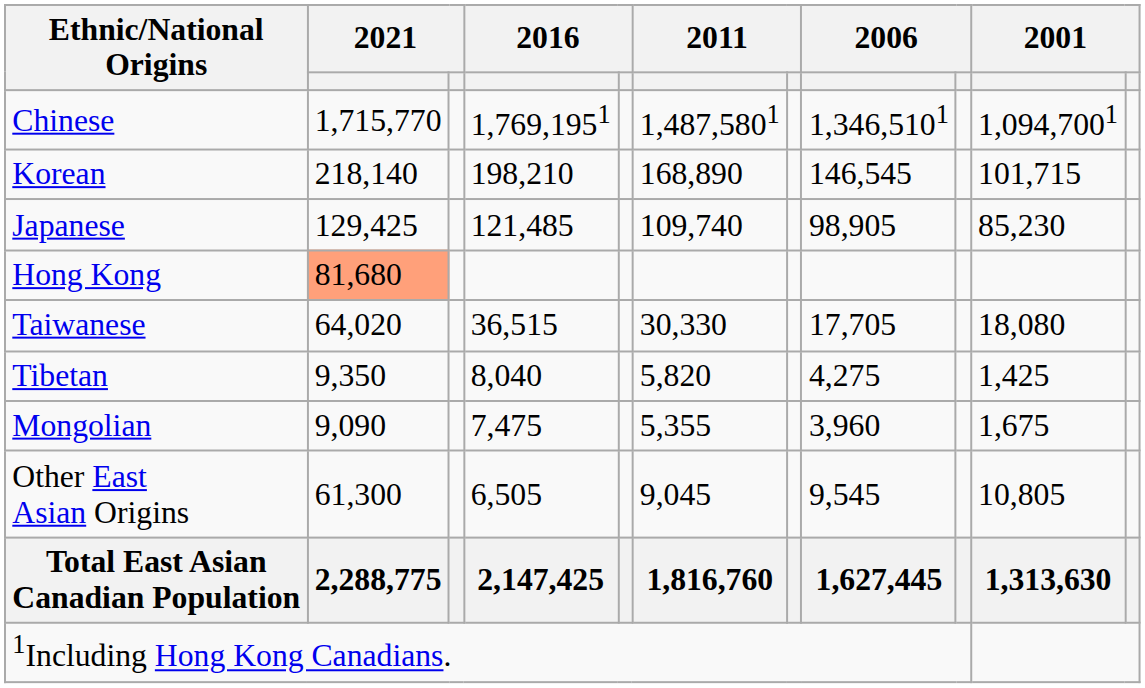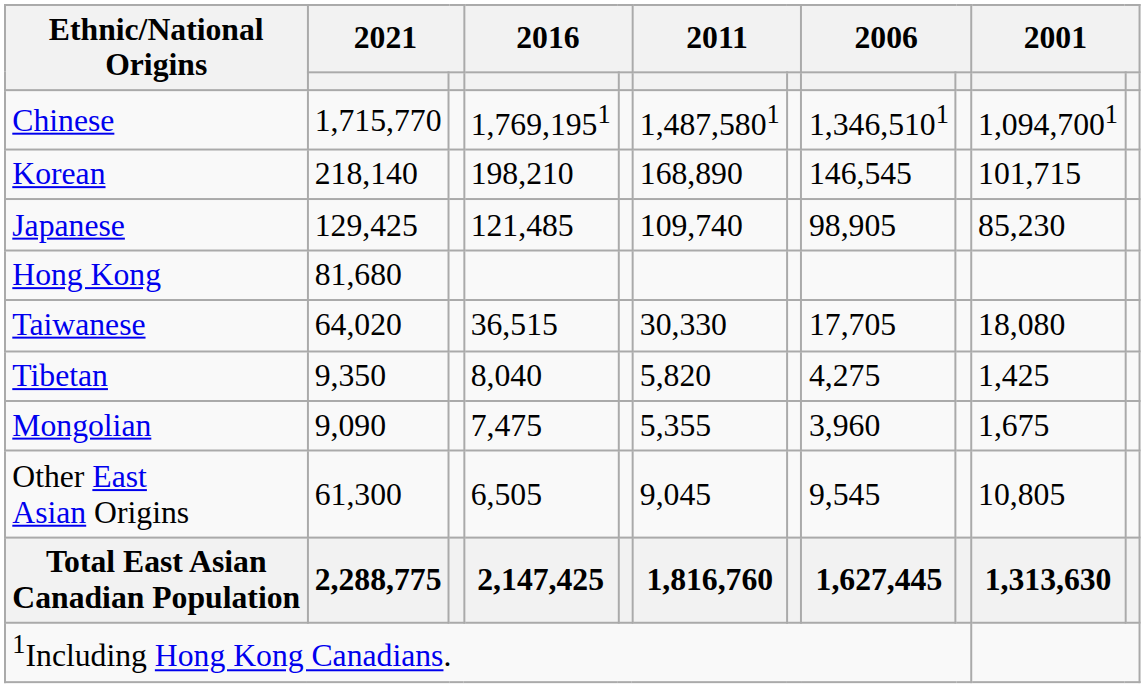 <table class="wikitable sortable">
 <tr>
 <th rowspan="2">Ethnic/National<br>Origins</th>
 <th colspan="2">2021</th>
 <th colspan="2">2016</th>
 <th colspan="2">2011</th>
 <th colspan="2">2006</th>
 <th colspan="2">2001</th>
 </tr>
 <tr>
 <th><a href='#'></a></th>
 <th></th>
 <th></th>
 <th></th>
 <th></th>
 <th></th>
 <th></th>
 <th></th>
 <th></th>
 <th></th>
 </tr>
 <tr>
 <td><a href='#'>Chinese</a></td>
 <td>1,715,770</td>
 <td></td>
 <td>1,769,195<sup>1</sup></td>
 <td></td>
 <td>1,487,580<sup>1</sup></td>
 <td></td>
 <td>1,346,510<sup>1</sup></td>
 <td></td>
 <td>1,094,700<sup>1</sup></td>
 <td></td>
 </tr>
 <tr>
 <td><a href='#'>Korean</a></td>
 <td>218,140</td>
 <td></td>
 <td>198,210</td>
 <td></td>
 <td>168,890</td>
 <td></td>
 <td>146,545</td>
 <td></td>
 <td>101,715</td>
 <td></td>
 </tr>
 <tr>
 <td><a href='#'>Japanese</a></td>
 <td>129,425</td>
 <td></td>
 <td>121,485</td>
 <td></td>
 <td>109,740</td>
 <td></td>
 <td>98,905</td>
 <td></td>
 <td>85,230</td>
 <td></td>
 </tr>
 <tr>
 <td><a href='#'>Hong Kong</a></td>
-<td style="background: lightsalmon;">81,680</td>
+<td>81,680</td>
 <td></td>
 <td></td>
 <td></td>
 <td></td>
 <td></td>
 <td></td>
 <td></td>
 <td></td>
 <td></td>
 </tr>
 <tr>
 <td><a href='#'>Taiwanese</a></td>
 <td>64,020</td>
 <td></td>
 <td>36,515</td>
 <td></td>
 <td>30,330</td>
 <td></td>
 <td>17,705</td>
 <td></td>
 <td>18,080</td>
 <td></td>
 </tr>
 <tr>
 <td><a href='#'>Tibetan</a></td>
 <td>9,350</td>
 <td></td>
 <td>8,040</td>
 <td></td>
 <td>5,820</td>
 <td></td>
 <td>4,275</td>
 <td></td>
 <td>1,425</td>
 <td></td>
 </tr>
 <tr>
 <td><a href='#'>Mongolian</a></td>
 <td>9,090</td>
 <td></td>
 <td>7,475</td>
 <td></td>
 <td>5,355</td>
 <td></td>
 <td>3,960</td>
 <td></td>
 <td>1,675</td>
 <td></td>
 </tr>
 <tr>
 <td>Other <a href='#'>East<br>Asian</a> Origins</td>
 <td>61,300</td>
 <td></td>
 <td>6,505</td>
 <td></td>
 <td>9,045</td>
 <td></td>
 <td>9,545</td>
 <td></td>
 <td>10,805</td>
 <td></td>
 </tr>
 <tr>
 <th>Total East Asian<br>Canadian Population</th>
 <th>2,288,775</th>
 <th></th>
 <th>2,147,425</th>
 <th></th>
 <th>1,816,760</th>
 <th></th>
 <th>1,627,445</th>
 <th></th>
 <th>1,313,630</th>
 <th></th>
 </tr>
 <tr>
 <td colspan="9"><sup>1</sup>Including <a href='#'>Hong Kong Canadians</a>.</td>
 </tr>
 </table>
